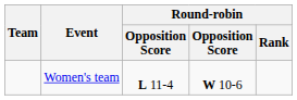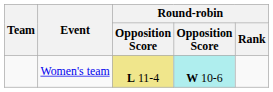 <table class="wikitable">
 <tr>
 <th rowspan="2">Team</th>
 <th rowspan="2">Event</th>
 <th colspan="4">Round-robin</th>
 </tr>
 <tr>
 <th>Opposition<br>Score</th>
 <th>Opposition<br>Score</th>
 <th>Rank</th>
 </tr>
 <tr align="center">
 <td align="left"></td>
 <td align="left"><a href='#'>Women's team</a></td>
-<td><br> <strong>L</strong> 11-4</td>
-<td><br> <strong>W</strong> 10-6</td>
+<td style="background: khaki;"><br> <strong>L</strong> 11-4</td>
+<td style="background: paleturquoise;"><br> <strong>W</strong> 10-6</td>
 <td></td>
 </tr>
 </table>
